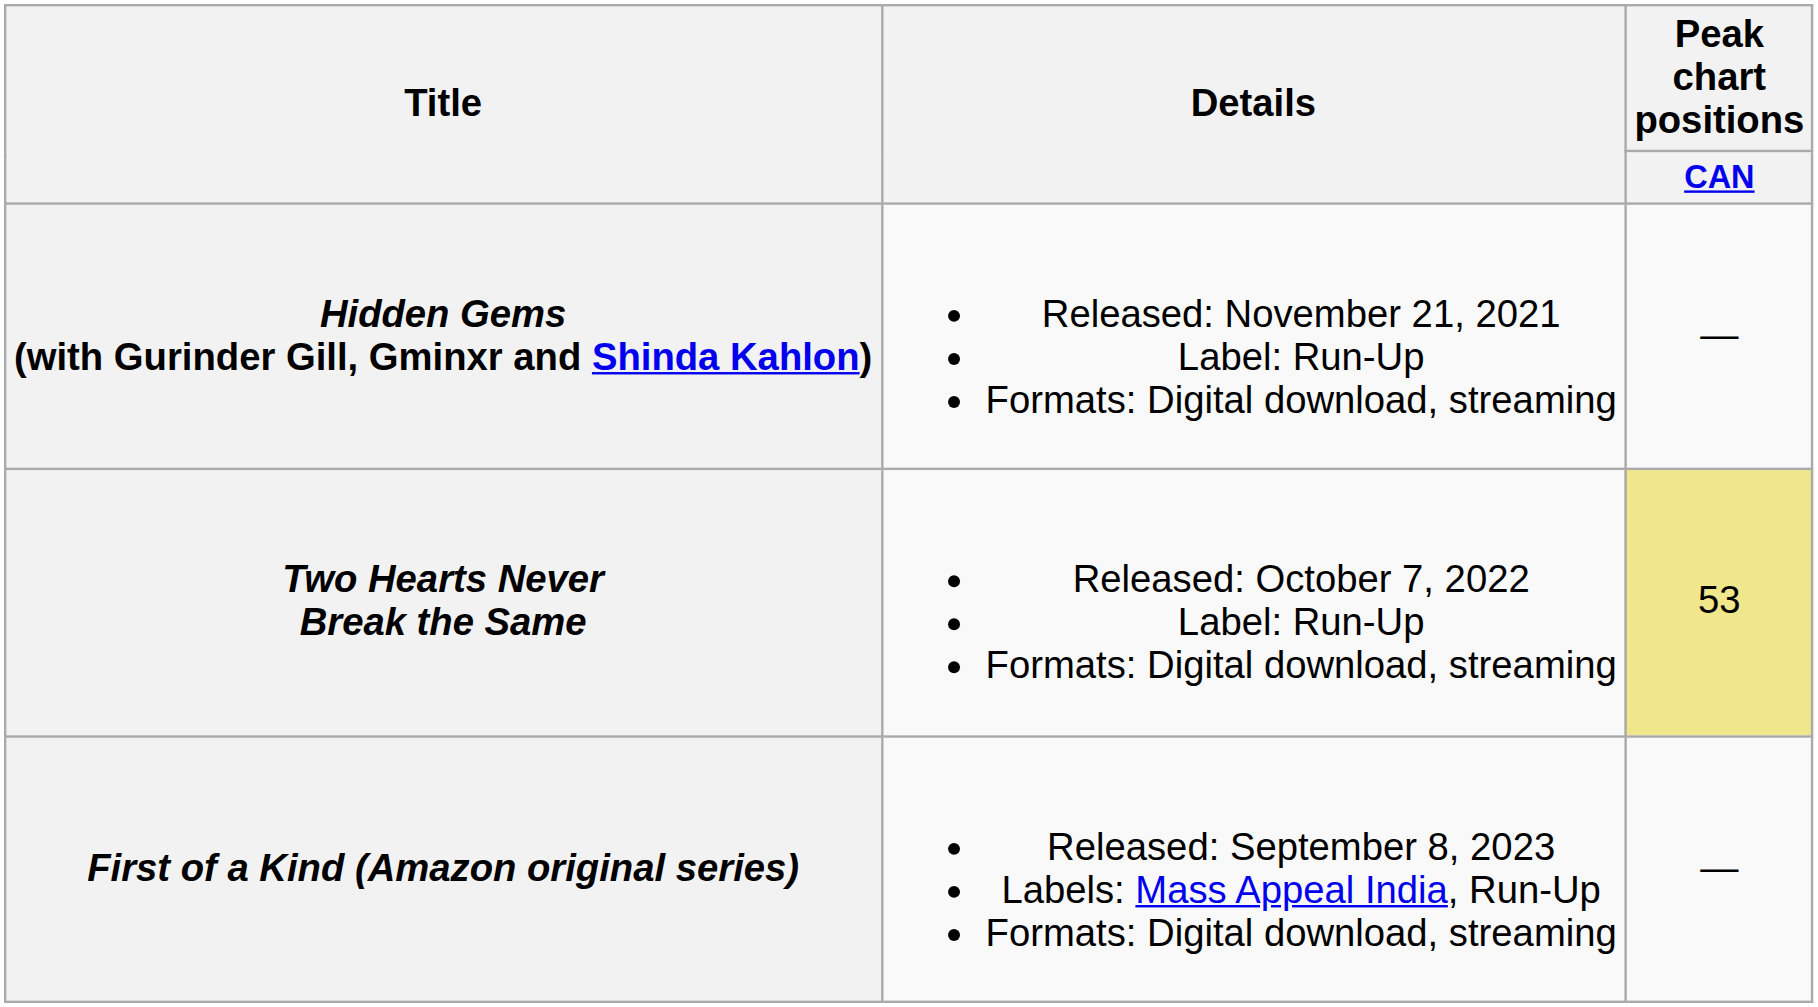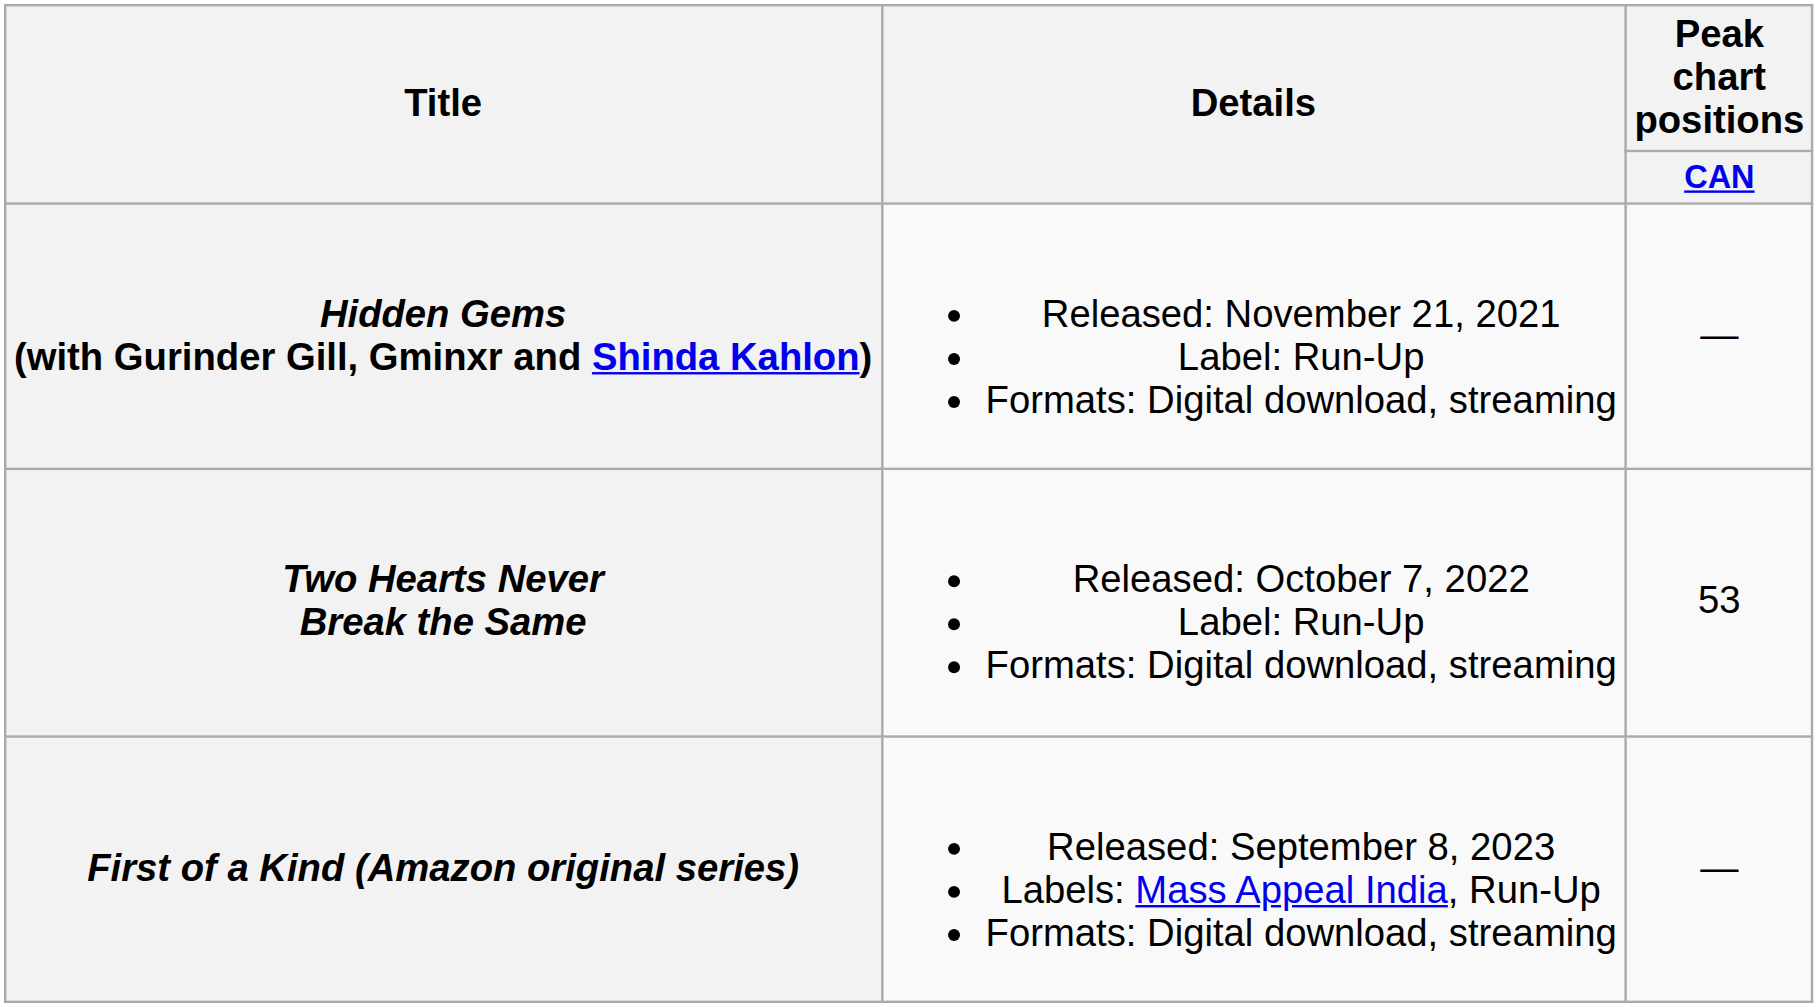 <table class="wikitable plainrowheaders" style="text-align:center;">
 <tr>
 <th scope="col" rowspan="2">Title</th>
 <th scope="col" rowspan="2">Details</th>
 <th scope="col">Peak chart positions</th>
 </tr>
 <tr>
 <th style="width:2.5em; font-size:85%"><a href='#'>CAN</a><br></th>
 </tr>
 <tr>
 <th scope="row"><em>Hidden Gems</em><br><span>(with Gurinder Gill, Gminxr and <a href='#'>Shinda Kahlon</a>)</span></th>
 <td><br><ul><li>Released: November 21, 2021</li><li>Label: Run-Up</li><li>Formats: Digital download, streaming</li></ul></td>
 <td>—</td>
 </tr>
 <tr>
 <th scope="row"><em>Two Hearts Never<br>Break the Same</em></th>
 <td><br><ul><li>Released: October 7, 2022</li><li>Label: Run-Up</li><li>Formats: Digital download, streaming</li></ul></td>
-<td style="background: khaki;">53</td>
+<td>53</td>
 </tr>
 <tr>
 <th scope="row"><em>First of a Kind (Amazon original series)</em></th>
 <td><br><ul><li>Released: September 8, 2023</li><li>Labels: <a href='#'>Mass Appeal India</a>, Run-Up</li><li>Formats: Digital download, streaming</li></ul></td>
 <td>—</td>
 </tr>
 </table>
